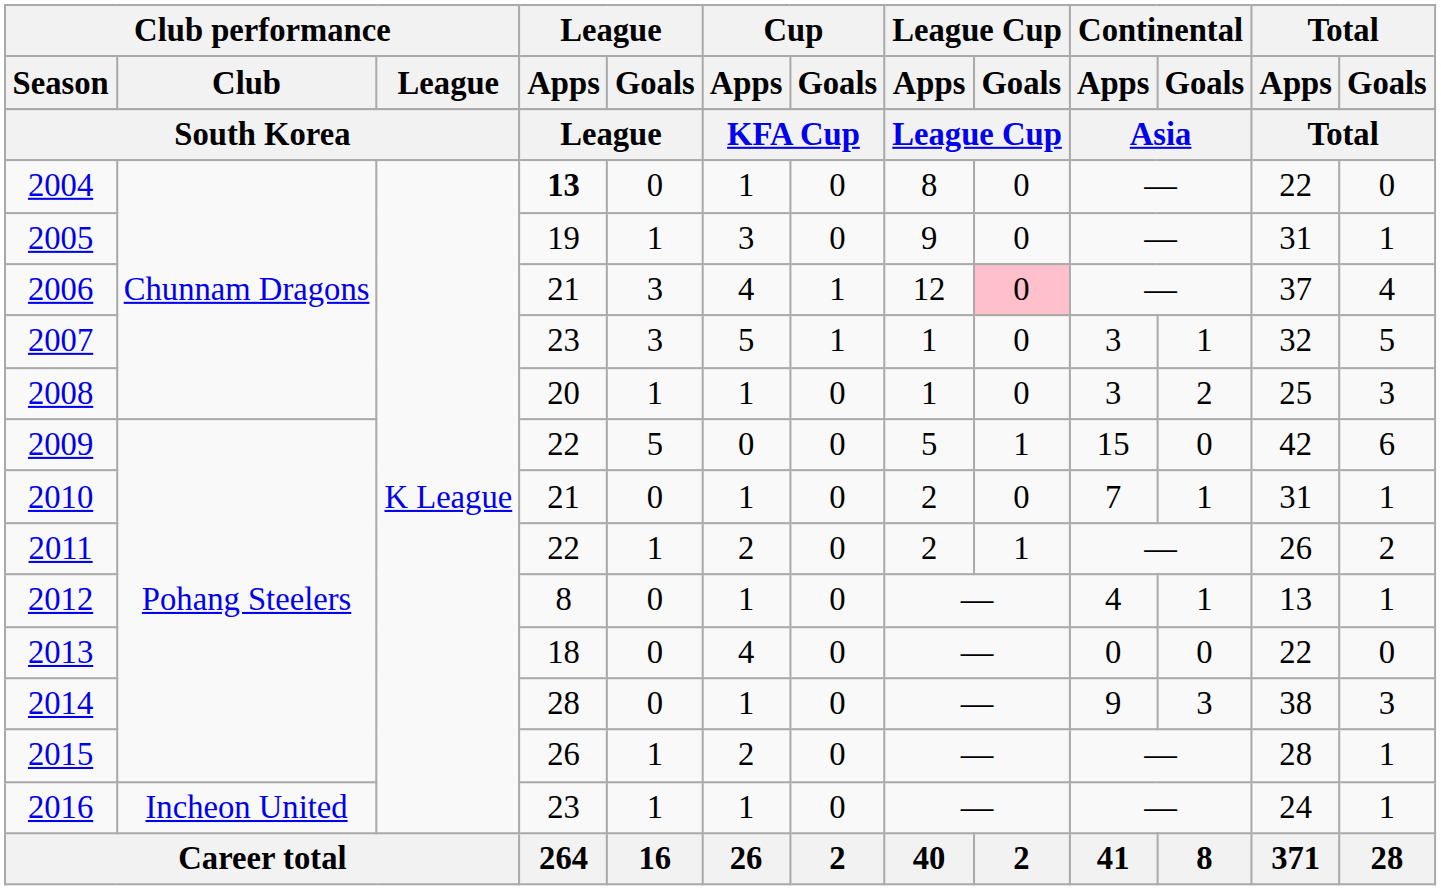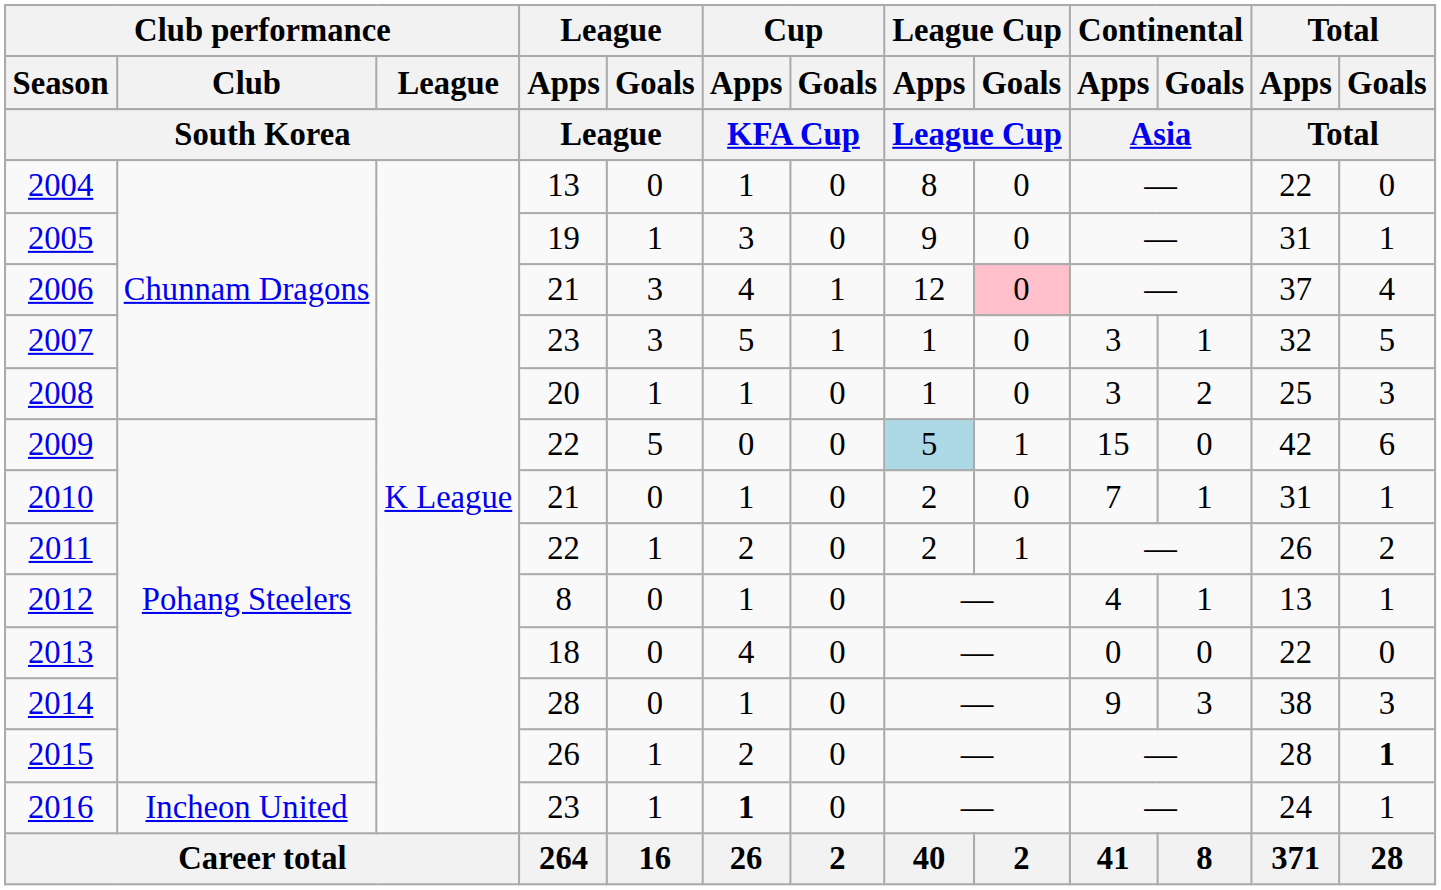 <table class="wikitable" style="text-align:center">
 <tr>
 <th colspan=3>Club performance</th>
 <th colspan=2>League</th>
 <th colspan=2>Cup</th>
 <th colspan=2>League Cup</th>
 <th colspan=2>Continental</th>
 <th colspan=2>Total</th>
 </tr>
 <tr>
 <th>Season</th>
 <th>Club</th>
 <th>League</th>
 <th>Apps</th>
 <th>Goals</th>
 <th>Apps</th>
 <th>Goals</th>
 <th>Apps</th>
 <th>Goals</th>
 <th>Apps</th>
 <th>Goals</th>
 <th>Apps</th>
 <th>Goals</th>
 </tr>
 <tr>
 </tr>
 <tr>
 <th colspan=3>South Korea</th>
 <th colspan=2>League</th>
 <th colspan=2><a href='#'>KFA Cup</a></th>
 <th colspan=2><a href='#'>League Cup</a></th>
 <th colspan=2><a href='#'>Asia</a></th>
 <th colspan=2>Total</th>
 </tr>
 <tr>
 <td><a href='#'>2004</a></td>
 <td rowspan="5"><a href='#'>Chunnam Dragons</a></td>
 <td rowspan="13"><a href='#'>K League</a></td>
-<td><strong>13</strong></td>
+<td>13</td>
 <td>0</td>
 <td>1</td>
 <td>0</td>
 <td>8</td>
 <td>0</td>
 <td colspan="2">—</td>
 <td>22</td>
 <td>0</td>
 </tr>
 <tr>
 <td><a href='#'>2005</a></td>
 <td>19</td>
 <td>1</td>
 <td>3</td>
 <td>0</td>
 <td>9</td>
 <td>0</td>
 <td colspan="2">—</td>
 <td>31</td>
 <td>1</td>
 </tr>
 <tr>
 <td><a href='#'>2006</a></td>
 <td>21</td>
 <td>3</td>
 <td>4</td>
 <td>1</td>
 <td>12</td>
 <td style="background: pink;">0</td>
 <td colspan="2">—</td>
 <td>37</td>
 <td>4</td>
 </tr>
 <tr>
 <td><a href='#'>2007</a></td>
 <td>23</td>
 <td>3</td>
 <td>5</td>
 <td>1</td>
 <td>1</td>
 <td>0</td>
 <td>3</td>
 <td>1</td>
 <td>32</td>
 <td>5</td>
 </tr>
 <tr>
 <td><a href='#'>2008</a></td>
 <td>20</td>
 <td>1</td>
 <td>1</td>
 <td>0</td>
 <td>1</td>
 <td>0</td>
 <td>3</td>
 <td>2</td>
 <td>25</td>
 <td>3</td>
 </tr>
 <tr>
 <td><a href='#'>2009</a></td>
 <td rowspan="7"><a href='#'>Pohang Steelers</a></td>
 <td>22</td>
 <td>5</td>
 <td>0</td>
 <td>0</td>
-<td>5</td>
+<td style="background: lightblue;">5</td>
 <td>1</td>
 <td>15</td>
 <td>0</td>
 <td>42</td>
 <td>6</td>
 </tr>
 <tr>
 <td><a href='#'>2010</a></td>
 <td>21</td>
 <td>0</td>
 <td>1</td>
 <td>0</td>
 <td>2</td>
 <td>0</td>
 <td>7</td>
 <td>1</td>
 <td>31</td>
 <td>1</td>
 </tr>
 <tr>
 <td><a href='#'>2011</a></td>
 <td>22</td>
 <td>1</td>
 <td>2</td>
 <td>0</td>
 <td>2</td>
 <td>1</td>
 <td colspan="2">—</td>
 <td>26</td>
 <td>2</td>
 </tr>
 <tr>
 <td><a href='#'>2012</a></td>
 <td>8</td>
 <td>0</td>
 <td>1</td>
 <td>0</td>
 <td colspan="2">—</td>
 <td>4</td>
 <td>1</td>
 <td>13</td>
 <td>1</td>
 </tr>
 <tr>
 <td><a href='#'>2013</a></td>
 <td>18</td>
 <td>0</td>
 <td>4</td>
 <td>0</td>
 <td colspan="2">—</td>
 <td>0</td>
 <td>0</td>
 <td>22</td>
 <td>0</td>
 </tr>
 <tr>
 <td><a href='#'>2014</a></td>
 <td>28</td>
 <td>0</td>
 <td>1</td>
 <td>0</td>
 <td colspan="2">—</td>
 <td>9</td>
 <td>3</td>
 <td>38</td>
 <td>3</td>
 </tr>
 <tr>
 <td><a href='#'>2015</a></td>
 <td>26</td>
 <td>1</td>
 <td>2</td>
 <td>0</td>
 <td colspan="2">—</td>
 <td colspan="2">—</td>
 <td>28</td>
-<td>1</td>
+<td><strong>1</strong></td>
 </tr>
 <tr>
 <td><a href='#'>2016</a></td>
 <td rowspan="1"><a href='#'>Incheon United</a></td>
 <td>23</td>
 <td>1</td>
-<td>1</td>
+<td><strong>1</strong></td>
 <td>0</td>
 <td colspan="2">—</td>
 <td colspan="2">—</td>
 <td>24</td>
 <td>1</td>
 </tr>
 <tr>
 <th colspan=3>Career total</th>
 <th>264</th>
 <th>16</th>
 <th>26</th>
 <th>2</th>
 <th>40</th>
 <th>2</th>
 <th>41</th>
 <th>8</th>
 <th>371</th>
 <th>28</th>
 </tr>
 </table>
